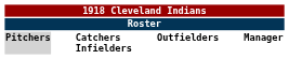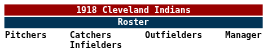 <table class="toccolours" style="font-size: 95%;">
 <tr>
 <th colspan="10" style="background-color: #990000; color: white; text-align: center;">1918 Cleveland Indians</th>
 </tr>
 <tr>
 <td colspan="10" style="background-color: #023456; color: white; text-align: center;"><strong>Roster</strong></td>
 </tr>
 <tr>
-<td valign="top" style="background: lightgrey;"><strong>Pitchers</strong><br>         </td>
+<td valign="top"><strong>Pitchers</strong><br>         </td>
 <td width="25px"></td>
 <td valign="top"><strong>Catchers</strong><br>    <strong>Infielders</strong>           </td>
 <td width="25px"></td>
 <td valign="top"><strong>Outfielders</strong><br>      </td>
 <td width="25px"></td>
 <td valign="top"><strong>Manager</strong><br></td>
 </tr>
 </table>
